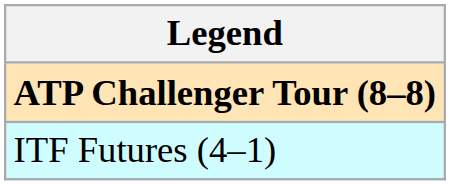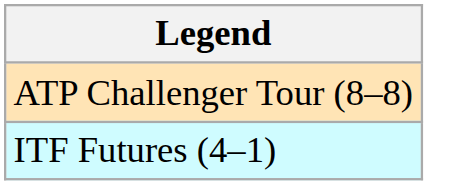 <table class=wikitable>
 <tr>
 <th>Legend</th>
 </tr>
 <tr style="background:moccasin;">
-<td><strong>ATP Challenger Tour (8–8)</strong></td>
+<td>ATP Challenger Tour (8–8)</td>
 </tr>
 <tr style="background:#cffcff;">
 <td>ITF Futures (4–1)</td>
 </tr>
 </table>
